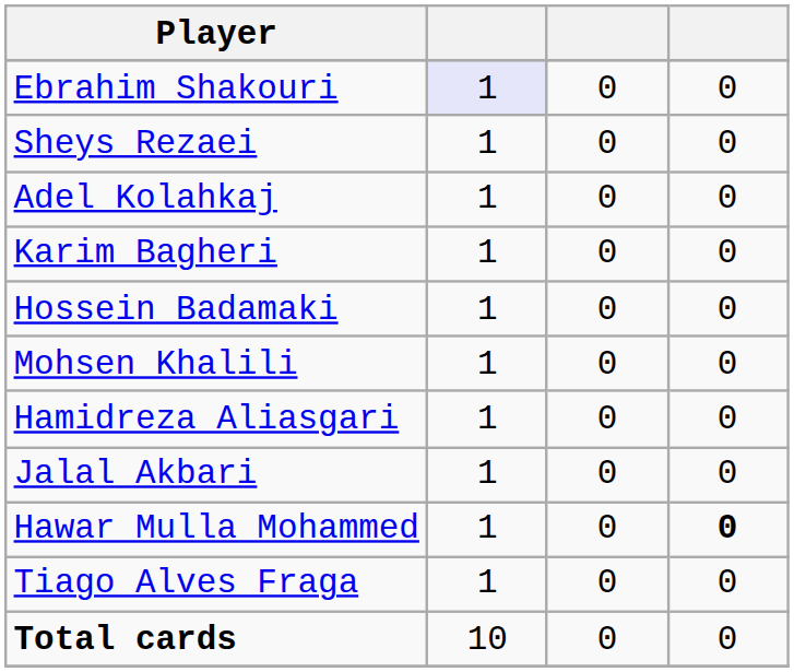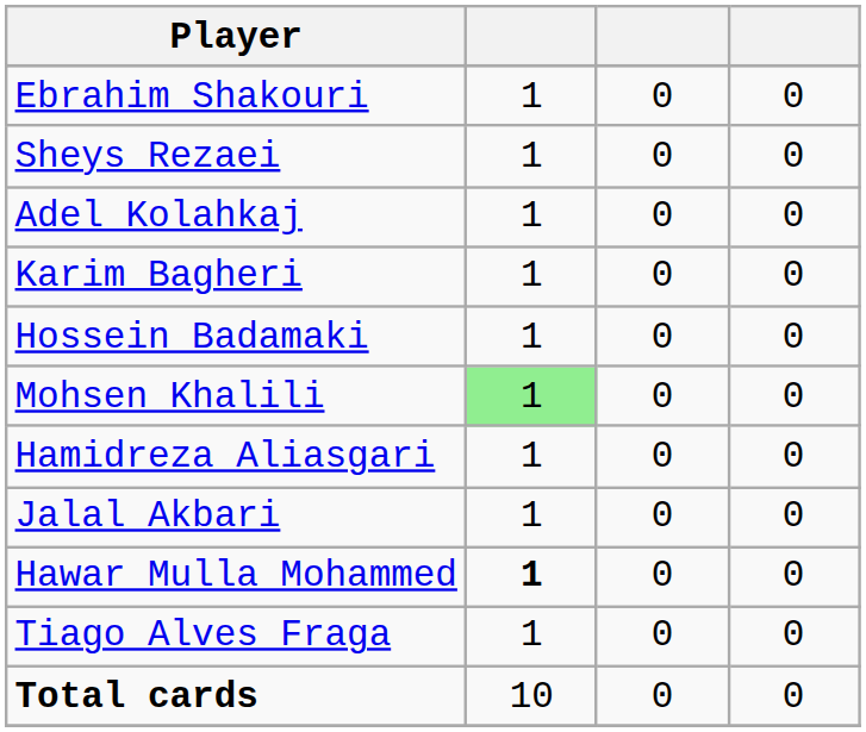 <table class="wikitable" style="text-align: center;">
 <tr>
 <th wight=200>Player</th>
 <th width=40></th>
 <th width=40> </th>
 <th width=40></th>
 </tr>
 <tr>
 </tr>
 <tr>
 <td style="text-align:left"> <a href='#'>Ebrahim Shakouri</a></td>
-<td style="background: lavender;">1</td>
+<td>1</td>
 <td>0</td>
 <td>0</td>
 </tr>
 <tr>
 <td style="text-align:left"> <a href='#'>Sheys Rezaei</a></td>
 <td>1</td>
 <td>0</td>
 <td>0</td>
 </tr>
 <tr>
 <td style="text-align:left"> <a href='#'>Adel Kolahkaj</a></td>
 <td>1</td>
 <td>0</td>
 <td>0</td>
 </tr>
 <tr>
 <td style="text-align:left"> <a href='#'>Karim Bagheri</a></td>
 <td>1</td>
 <td>0</td>
 <td>0</td>
 </tr>
 <tr>
 <td style="text-align:left"> <a href='#'>Hossein Badamaki</a></td>
 <td>1</td>
 <td>0</td>
 <td>0</td>
 </tr>
 <tr>
 <td style="text-align:left"> <a href='#'>Mohsen Khalili</a></td>
-<td>1</td>
+<td style="background: lightgreen;">1</td>
 <td>0</td>
 <td>0</td>
 </tr>
 <tr>
 <td style="text-align:left"> <a href='#'>Hamidreza Aliasgari</a></td>
 <td>1</td>
 <td>0</td>
 <td>0</td>
 </tr>
 <tr>
 <td style="text-align:left"> <a href='#'>Jalal Akbari</a></td>
 <td>1</td>
 <td>0</td>
 <td>0</td>
 </tr>
 <tr>
 <td style="text-align:left"> <a href='#'>Hawar Mulla Mohammed</a></td>
-<td>1</td>
+<td><strong>1</strong></td>
 <td>0</td>
-<td><strong>0</strong></td>
+<td>0</td>
 </tr>
 <tr>
 <td style="text-align:left"> <a href='#'>Tiago Alves Fraga</a></td>
 <td>1</td>
 <td>0</td>
 <td>0</td>
 </tr>
 <tr>
 <td style="text-align:left"><strong>Total cards</strong></td>
 <td>10</td>
 <td>0</td>
 <td>0</td>
 </tr>
 <tr>
 </tr>
 </table>
